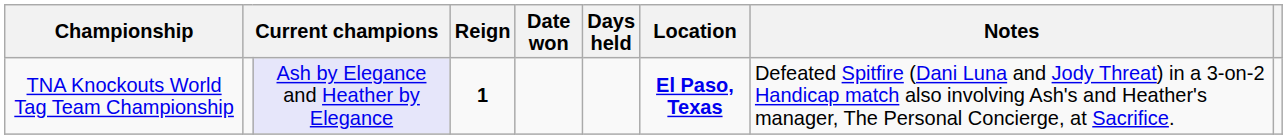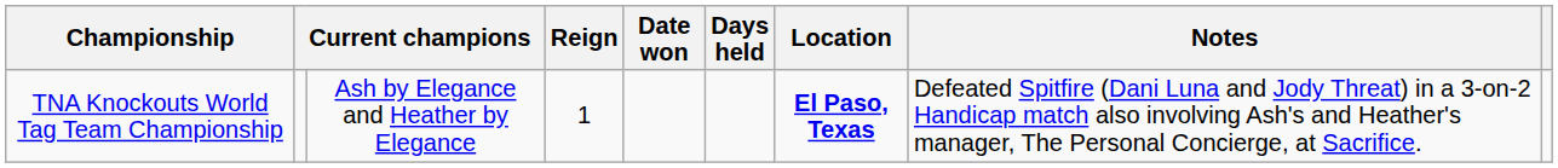 <table class="wikitable" style="font-size: 85%;">
 <tr>
 <th>Championship</th>
 <th colspan=2>Current champions</th>
 <th>Reign</th>
 <th>Date won</th>
 <th>Days<br>held</th>
 <th>Location</th>
 <th>Notes</th>
 <th class="unsortable"></th>
 </tr>
 <tr>
 <td align="center"><a href='#'>TNA Knockouts World Tag Team Championship</a></td>
 <td align="center"><br></td>
-<td align="center" style="background: lavender;"><a href='#'>Ash by Elegance</a> and <a href='#'>Heather by Elegance</a></td>
-<td align="center"><strong>1</strong></td>
+<td align="center"><a href='#'>Ash by Elegance</a> and <a href='#'>Heather by Elegance</a></td>
+<td align="center">1</td>
 <td align="center"></td>
 <td align="center"></td>
 <td align="center"><strong><a href='#'>El Paso, Texas</a></strong></td>
 <td align=left>Defeated <a href='#'>Spitfire</a> (<a href='#'>Dani Luna</a> and <a href='#'>Jody Threat</a>) in a 3-on-2 <a href='#'>Handicap match</a> also involving Ash's and Heather's manager, The Personal Concierge, at <a href='#'>Sacrifice</a>.</td>
 <td></td>
 </tr>
 </table>
